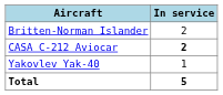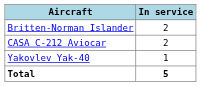 <table class="toccolours" border="1" cellpadding="3" style="margin: 1em auto; border-collapse:collapse;">
 <tr bgcolor=lightblue>
 <th>Aircraft</th>
 <th>In service</th>
 </tr>
 <tr>
 <td><a href='#'>Britten-Norman Islander</a></td>
 <td align="center">2</td>
 </tr>
 <tr>
 <td><a href='#'>CASA C-212 Aviocar</a></td>
-<td align="center"><strong>2</strong></td>
+<td align="center">2</td>
 </tr>
 <tr>
 <td><a href='#'>Yakovlev Yak-40</a></td>
 <td align="center">1</td>
 </tr>
 <tr>
 <td><strong>Total</strong></td>
 <th>5</th>
 </tr>
 </table>
